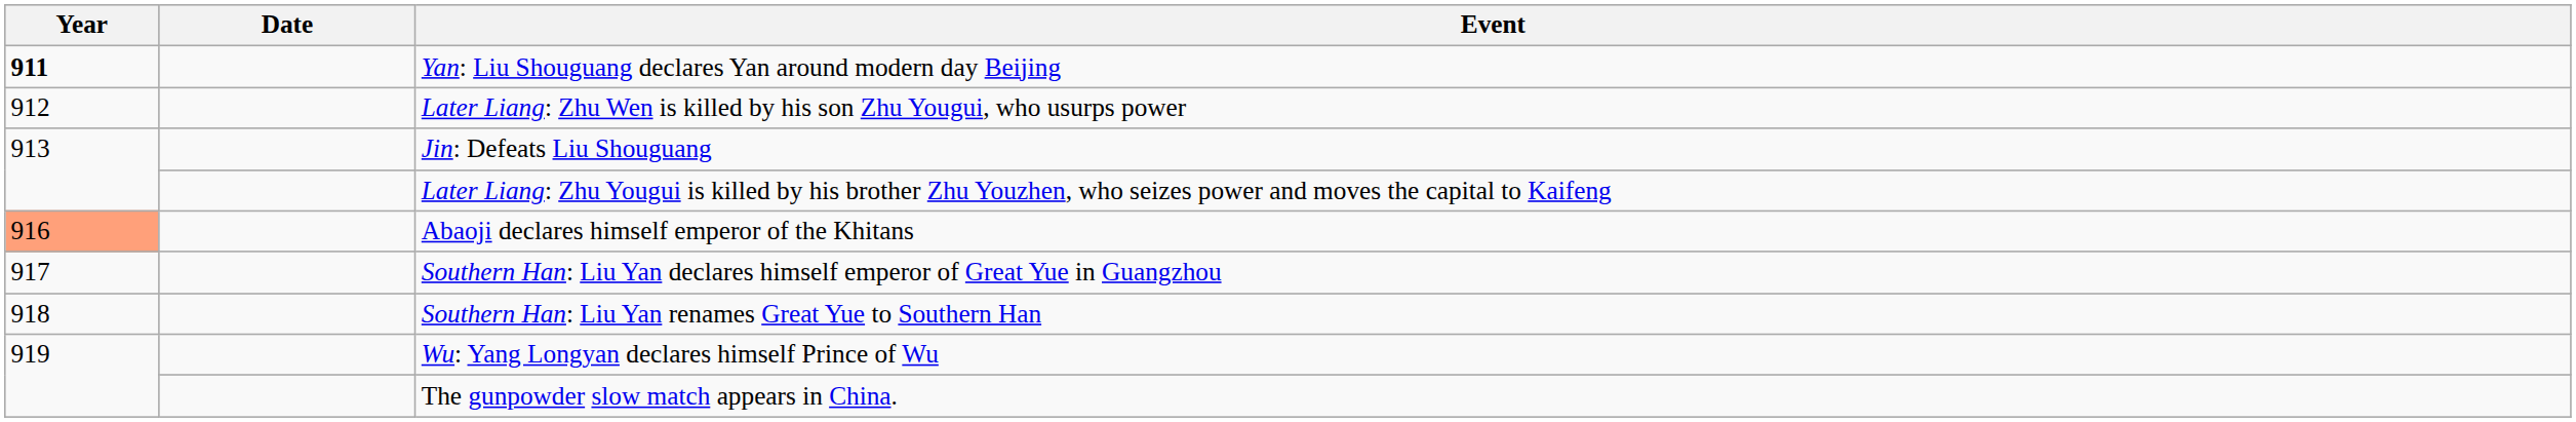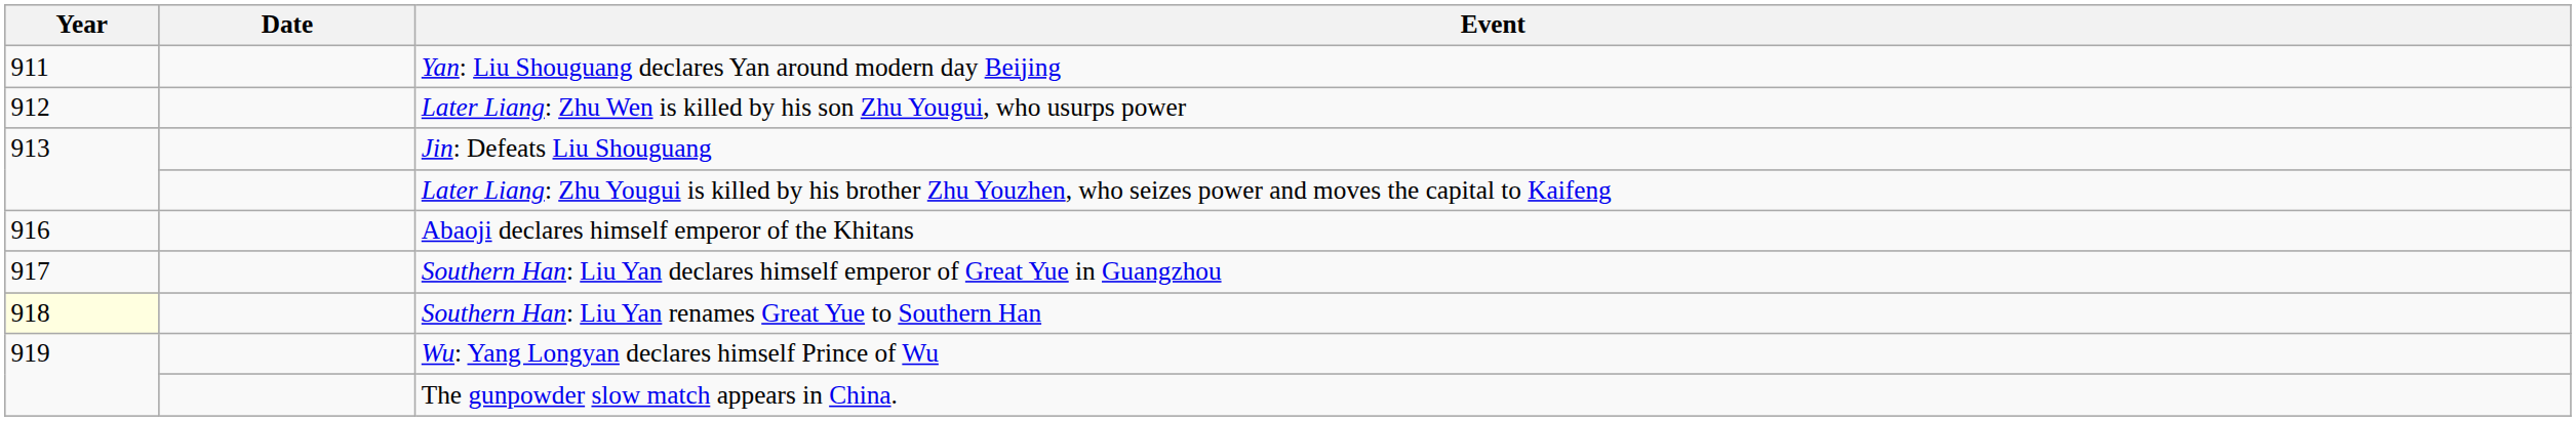 <table class="wikitable" width="100%">
 <tr>
 <th style="width:6%">Year</th>
 <th style="width:10%">Date</th>
 <th>Event</th>
 </tr>
 <tr>
-<td><strong>911</strong></td>
+<td>911</td>
 <td></td>
 <td><em><a href='#'>Yan</a></em>: <a href='#'>Liu Shouguang</a> declares Yan around modern day <a href='#'>Beijing</a></td>
 </tr>
 <tr>
 <td>912</td>
 <td></td>
 <td><em><a href='#'>Later Liang</a></em>: <a href='#'>Zhu Wen</a> is killed by his son <a href='#'>Zhu Yougui</a>, who usurps power</td>
 </tr>
 <tr>
 <td rowspan="2" valign="top">913</td>
 <td></td>
 <td><em><a href='#'>Jin</a></em>: Defeats <a href='#'>Liu Shouguang</a></td>
 </tr>
 <tr>
 <td></td>
 <td><em><a href='#'>Later Liang</a></em>: <a href='#'>Zhu Yougui</a> is killed by his brother <a href='#'>Zhu Youzhen</a>, who seizes power and moves the capital to <a href='#'>Kaifeng</a></td>
 </tr>
 <tr>
-<td style="background: lightsalmon;">916</td>
+<td>916</td>
 <td></td>
 <td><a href='#'>Abaoji</a> declares himself emperor of the Khitans</td>
 </tr>
 <tr>
 <td>917</td>
 <td></td>
 <td><em><a href='#'>Southern Han</a></em>: <a href='#'>Liu Yan</a> declares himself emperor of <a href='#'>Great Yue</a> in <a href='#'>Guangzhou</a></td>
 </tr>
 <tr>
-<td>918</td>
+<td style="background: lightyellow;">918</td>
 <td></td>
 <td><em><a href='#'>Southern Han</a></em>: <a href='#'>Liu Yan</a> renames <a href='#'>Great Yue</a> to <a href='#'>Southern Han</a></td>
 </tr>
 <tr>
 <td rowspan="2" valign="top">919</td>
 <td></td>
 <td><em><a href='#'>Wu</a></em>: <a href='#'>Yang Longyan</a> declares himself Prince of <a href='#'>Wu</a></td>
 </tr>
 <tr>
 <td></td>
 <td>The <a href='#'>gunpowder</a> <a href='#'>slow match</a> appears in <a href='#'>China</a>.</td>
 </tr>
 </table>
